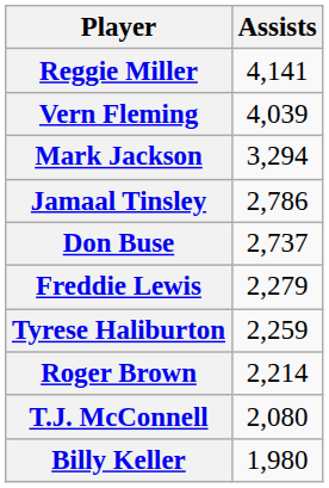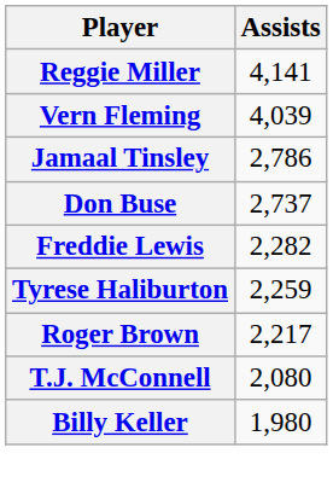 <table class="wikitable sortable plainrowheaders" style="text-align:center">
 <tr>
 <th scope="col" style="text-align:center; ">Player</th>
 <th scope="col" style="text-align:center; ">Assists</th>
 </tr>
 <tr>
 <th scope="row"><a href='#'>Reggie Miller</a></th>
 <td>4,141</td>
 </tr>
 <tr>
 <th scope="row"><a href='#'>Vern Fleming</a></th>
 <td>4,039</td>
 </tr>
 <tr>
-<th scope="row"><a href='#'>Mark Jackson</a></th>
-<td>3,294</td>
-</tr>
-<tr>
 <th scope="row"><a href='#'>Jamaal Tinsley</a></th>
 <td>2,786</td>
 </tr>
 <tr>
 <th scope="row"><a href='#'>Don Buse</a></th>
 <td>2,737</td>
 </tr>
 <tr>
 <th scope="row"><a href='#'>Freddie Lewis</a></th>
-<td>2,279</td>
+<td>2,282</td>
 </tr>
 <tr>
 <th scope="row"><strong><a href='#'>Tyrese Haliburton</a></strong></th>
 <td>2,259</td>
 </tr>
 <tr>
 <th scope="row"><a href='#'>Roger Brown</a></th>
-<td>2,214</td>
+<td>2,217</td>
 </tr>
 <tr>
 <th scope="row"><strong><a href='#'>T.J. McConnell</a></strong></th>
 <td>2,080</td>
 </tr>
 <tr>
 <th scope="row"><a href='#'>Billy Keller</a></th>
 <td>1,980</td>
 </tr>
 </table>
